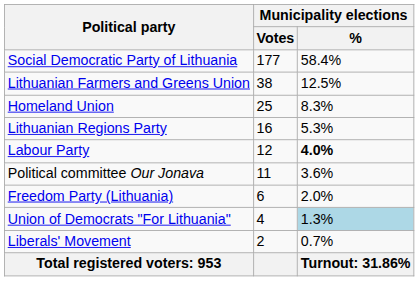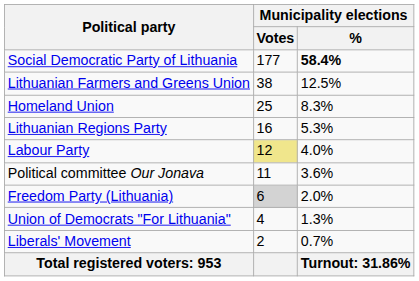 <table class="wikitable">
 <tr>
 <th rowspan="2">Political party</th>
 <th colspan="2">Municipality elections</th>
 </tr>
 <tr>
 <th>Votes </th>
 <th>%</th>
 </tr>
 <tr>
 <td><a href='#'>Social Democratic Party of Lithuania</a></td>
 <td>177</td>
-<td>58.4%</td>
+<td><strong>58.4%</strong></td>
 </tr>
 <tr>
 <td><a href='#'>Lithuanian Farmers and Greens Union</a></td>
 <td>38</td>
 <td>12.5%</td>
 </tr>
 <tr>
 <td><a href='#'>Homeland Union</a></td>
 <td>25</td>
 <td>8.3%</td>
 </tr>
 <tr>
 <td><a href='#'>Lithuanian Regions Party</a></td>
 <td>16</td>
 <td>5.3%</td>
 </tr>
 <tr>
 <td><a href='#'>Labour Party</a></td>
-<td>12</td>
-<td><strong>4.0%</strong></td>
+<td style="background: khaki;">12</td>
+<td>4.0%</td>
 </tr>
 <tr>
 <td>Political committee <em>Our Jonava</em></td>
 <td>11</td>
 <td>3.6%</td>
 </tr>
 <tr>
 <td><a href='#'>Freedom Party (Lithuania)</a></td>
-<td>6</td>
+<td style="background: lightgrey;">6</td>
 <td>2.0%</td>
 </tr>
 <tr>
 <td><a href='#'>Union of Democrats "For Lithuania"</a></td>
 <td>4</td>
-<td style="background: lightblue;">1.3%</td>
+<td>1.3%</td>
 </tr>
 <tr>
 <td><a href='#'>Liberals' Movement</a></td>
 <td>2</td>
 <td>0.7%</td>
 </tr>
 <tr>
 <th>Total registered voters: 953</th>
 <th></th>
 <th>Turnout: 31.86%</th>
 </tr>
 </table>
